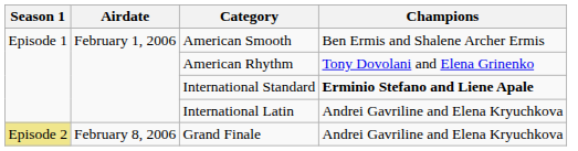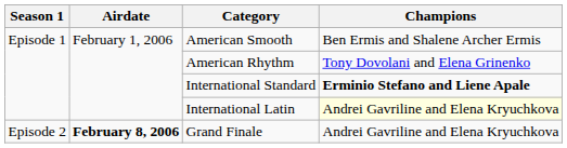 <table class="wikitable">
 <tr>
 <th>Season 1</th>
 <th>Airdate</th>
 <th>Category</th>
 <th>Champions</th>
 </tr>
 <tr valign="top">
 <td rowspan="4">Episode 1</td>
 <td rowspan="4">February 1, 2006</td>
 <td>American Smooth</td>
 <td>Ben Ermis and Shalene Archer Ermis</td>
 </tr>
 <tr>
 <td>American Rhythm</td>
 <td><a href='#'>Tony Dovolani</a> and <a href='#'>Elena Grinenko</a></td>
 </tr>
 <tr>
 <td>International Standard</td>
 <td><strong>Erminio Stefano and Liene Apale</strong></td>
 </tr>
 <tr>
 <td>International Latin</td>
-<td>Andrei Gavriline and Elena Kryuchkova</td>
+<td style="background: lightyellow;">Andrei Gavriline and Elena Kryuchkova</td>
 </tr>
 <tr>
-<td style="background: khaki;">Episode 2</td>
-<td>February 8, 2006</td>
+<td>Episode 2</td>
+<td><strong>February 8, 2006</strong></td>
 <td>Grand Finale</td>
 <td>Andrei Gavriline and Elena Kryuchkova</td>
 </tr>
 </table>
